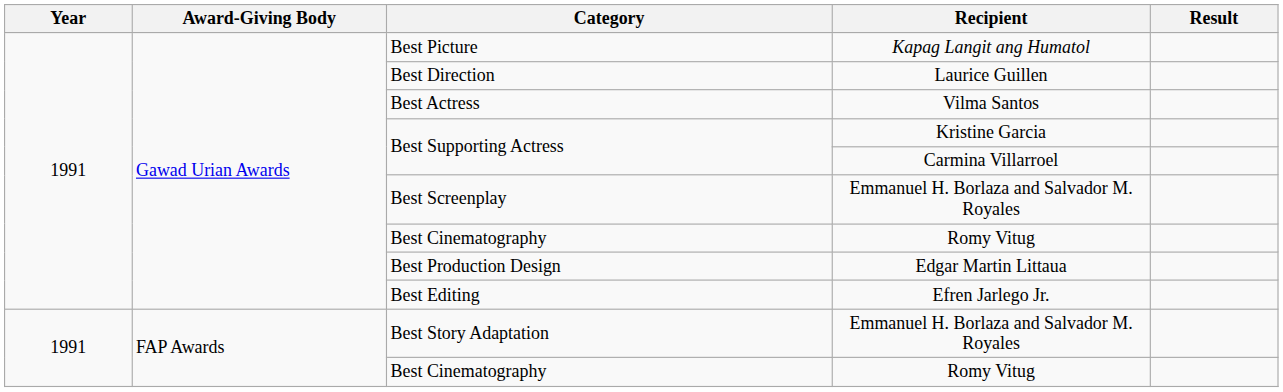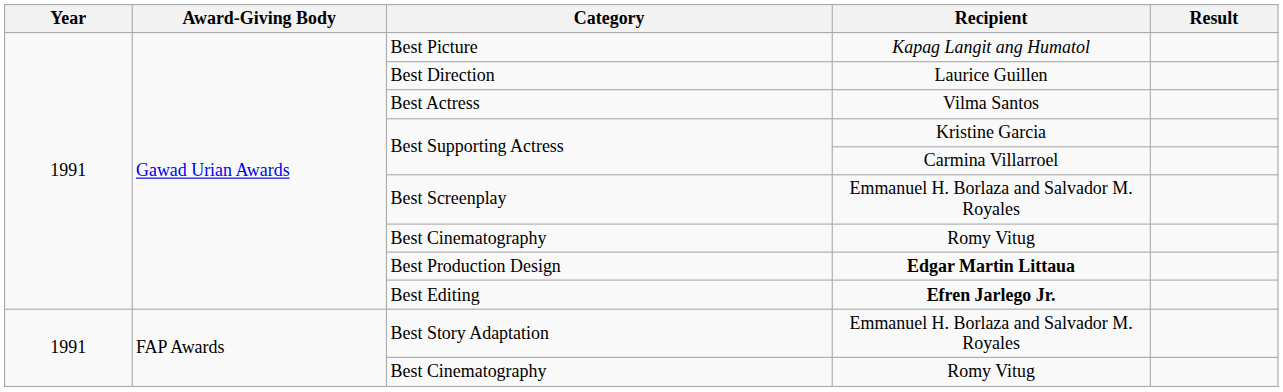 <table | width="90%" class="wikitable sortable">
 <tr>
 <th width="10%">Year</th>
 <th width="20%">Award-Giving Body</th>
 <th width="35%">Category</th>
 <th width="25%">Recipient</th>
 <th width="10%">Result</th>
 </tr>
 <tr>
 <td rowspan="9" align="center">1991</td>
 <td rowspan="9" align="left"><a href='#'>Gawad Urian Awards</a></td>
 <td align="left">Best Picture</td>
 <td align="center"><em>Kapag Langit ang Humatol</em></td>
 <td></td>
 </tr>
 <tr>
 <td align="left">Best Direction</td>
 <td align="center">Laurice Guillen</td>
 <td></td>
 </tr>
 <tr>
 <td align="left">Best Actress</td>
 <td align="center">Vilma Santos</td>
 <td></td>
 </tr>
 <tr>
 <td rowspan="2" align="left">Best Supporting Actress</td>
 <td align="center">Kristine Garcia</td>
 <td></td>
 </tr>
 <tr>
 <td align="center">Carmina Villarroel</td>
 <td></td>
 </tr>
 <tr>
 <td align="left">Best Screenplay</td>
 <td align="center">Emmanuel H. Borlaza and Salvador M. Royales</td>
 <td></td>
 </tr>
 <tr>
 <td align="left">Best Cinematography</td>
 <td align="center">Romy Vitug</td>
 <td></td>
 </tr>
 <tr>
 <td align="left">Best Production Design</td>
-<td align="center">Edgar Martin Littaua</td>
+<td align="center"><strong>Edgar Martin Littaua</strong></td>
 <td></td>
 </tr>
 <tr>
 <td align="left">Best Editing</td>
-<td align="center">Efren Jarlego Jr.</td>
+<td align="center"><strong>Efren Jarlego Jr.</strong></td>
 <td></td>
 </tr>
 <tr>
 <td rowspan="2" align="center">1991</td>
 <td rowspan="2" align="left">FAP Awards</td>
 <td align="left">Best Story Adaptation</td>
 <td align="center">Emmanuel H. Borlaza and Salvador M. Royales</td>
 <td></td>
 </tr>
 <tr>
 <td align="left">Best Cinematography</td>
 <td align="center">Romy Vitug</td>
 <td></td>
 </tr>
 </table>
